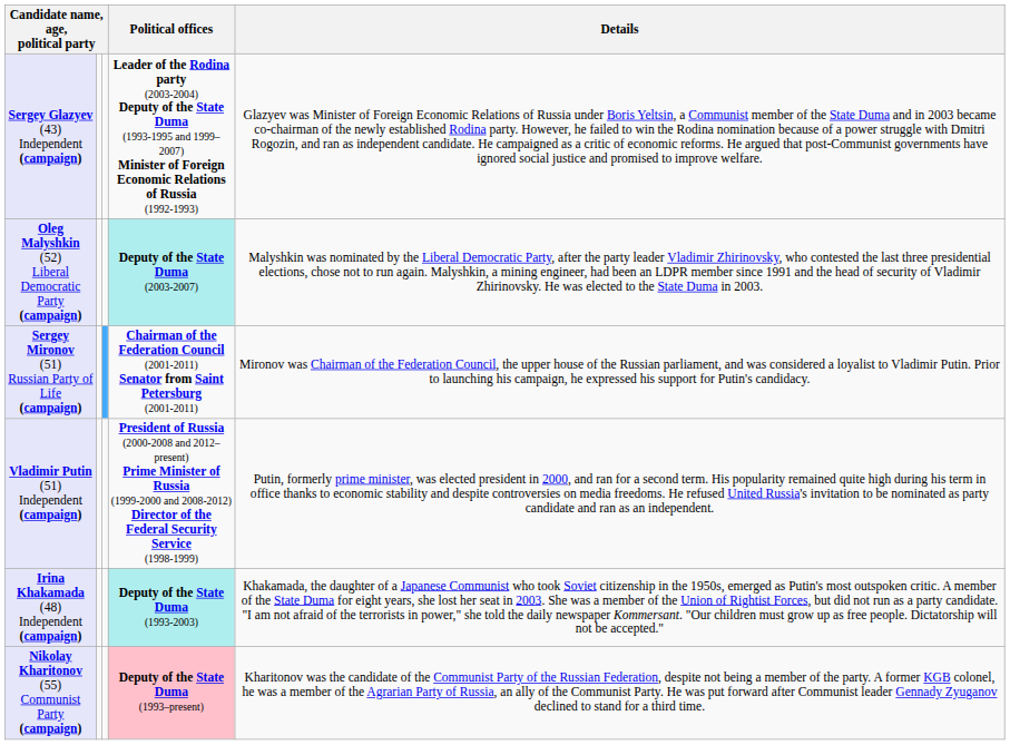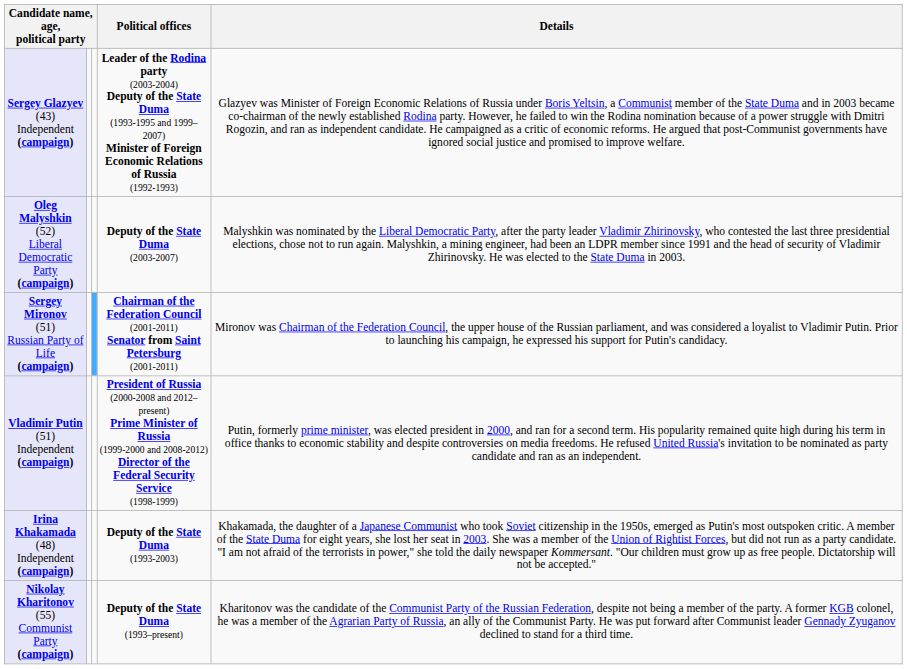 <table class="wikitable" style="text-align:center;">
 <tr>
 <th colspan="3">Candidate name, age,<br>political party</th>
 <th>Political offices</th>
 <th>Details</th>
 </tr>
 <tr>
 <td style="background:lavender;"><strong><a href='#'>Sergey Glazyev</a></strong><br>(43)<br>Independent<br><strong>(<a href='#'>campaign</a>)</strong></td>
 <td></td>
 <td style="background-color:"></td>
 <td><strong>Leader of the <a href='#'>Rodina</a> party</strong><br><small>(2003-2004)</small><br><strong>Deputy of the <a href='#'>State Duma</a></strong><br><small>(1993-1995 and 1999–2007)</small><br><strong>Minister of Foreign Economic Relations of Russia</strong><br><small>(1992-1993)</small></td>
 <td>Glazyev was Minister of Foreign Economic Relations of Russia under <a href='#'>Boris Yeltsin</a>, a <a href='#'>Communist</a> member of the <a href='#'>State Duma</a> and in 2003 became co-chairman of the newly established <a href='#'>Rodina</a> party. However, he failed to win the Rodina nomination because of a power struggle with Dmitri Rogozin, and ran as independent candidate. He campaigned as a critic of economic reforms. He argued that post-Communist governments have ignored social justice and promised to improve welfare.</td>
 </tr>
 <tr>
 <td style="background:lavender;"><strong><a href='#'>Oleg Malyshkin</a></strong><br>(52)<br><a href='#'>Liberal Democratic Party</a><br><strong>(<a href='#'>campaign</a>)</strong></td>
 <td></td>
 <td style="background-color:"></td>
-<td style="background: paleturquoise;"><strong>Deputy of the <a href='#'>State Duma</a></strong><br><small>(2003-2007)</small></td>
+<td><strong>Deputy of the <a href='#'>State Duma</a></strong><br><small>(2003-2007)</small></td>
 <td>Malyshkin was nominated by the <a href='#'>Liberal Democratic Party</a>, after the party leader <a href='#'>Vladimir Zhirinovsky</a>, who contested the last three presidential elections, chose not to run again. Malyshkin, a mining engineer, had been an LDPR member since 1991 and the head of security of Vladimir Zhirinovsky. He was elected to the <a href='#'>State Duma</a> in 2003.</td>
 </tr>
 <tr>
 <td style="background:lavender;"><strong><a href='#'>Sergey Mironov</a></strong><br>(51)<br><a href='#'>Russian Party of Life</a><br><strong>(<a href='#'>campaign</a>)</strong></td>
 <td></td>
 <td style="background-color:#42aaff;"></td>
 <td><strong><a href='#'>Chairman of the Federation Council</a></strong><br><small>(2001-2011)</small><br><strong><a href='#'>Senator</a> from <a href='#'>Saint Petersburg</a></strong><br><small>(2001-2011)</small></td>
 <td>Mironov was <a href='#'>Chairman of the Federation Council</a>, the upper house of the Russian parliament, and was considered a loyalist to Vladimir Putin. Prior to launching his campaign, he expressed his support for Putin's candidacy.</td>
 </tr>
 <tr>
 <td style="background:lavender;"><strong><a href='#'>Vladimir Putin</a></strong><br>(51)<br>Independent<br><strong>(<a href='#'>campaign</a>)</strong></td>
 <td></td>
 <td style="background-color:"></td>
 <td><strong><a href='#'>President of Russia</a></strong><br><small>(2000-2008 and 2012–present)</small><br><strong><a href='#'>Prime Minister of Russia</a></strong><br><small>(1999-2000 and 2008-2012)</small><br><strong><a href='#'>Director of the Federal Security Service</a></strong><br><small>(1998-1999)</small></td>
 <td>Putin, formerly <a href='#'>prime minister</a>, was elected president in <a href='#'>2000</a>, and ran for a second term. His popularity remained quite high during his term in office thanks to economic stability and despite controversies on media freedoms. He refused <a href='#'>United Russia</a>'s invitation to be nominated as party candidate and ran as an independent.</td>
 </tr>
 <tr>
 <td style="background:lavender;"><strong><a href='#'>Irina Khakamada</a></strong><br>(48)<br>Independent<br><strong>(<a href='#'>campaign</a>)</strong></td>
 <td></td>
 <td style="background-color:"></td>
-<td style="background: paleturquoise;"><strong>Deputy of the <a href='#'>State Duma</a></strong><br><small>(1993-2003)</small></td>
+<td><strong>Deputy of the <a href='#'>State Duma</a></strong><br><small>(1993-2003)</small></td>
 <td>Khakamada, the daughter of a <a href='#'>Japanese Communist</a> who took <a href='#'>Soviet</a> citizenship in the 1950s, emerged as Putin's most outspoken critic. A member of the <a href='#'>State Duma</a> for eight years, she lost her seat in <a href='#'>2003</a>. She was a member of the <a href='#'>Union of Rightist Forces</a>, but did not run as a party candidate. "I am not afraid of the terrorists in power," she told the daily newspaper <em>Kommersant</em>. "Our children must grow up as free people. Dictatorship will not be accepted."</td>
 </tr>
 <tr>
 <td style="background:lavender;"><strong><a href='#'>Nikolay Kharitonov</a></strong><br>(55)<br><a href='#'>Communist Party</a><br><strong>(<a href='#'>campaign</a>)</strong></td>
 <td></td>
 <td style="background-color:"></td>
-<td style="background: pink;"><strong>Deputy of the <a href='#'>State Duma</a></strong><br><small>(1993–present)</small></td>
+<td><strong>Deputy of the <a href='#'>State Duma</a></strong><br><small>(1993–present)</small></td>
 <td>Kharitonov was the candidate of the <a href='#'>Communist Party of the Russian Federation</a>, despite not being a member of the party. A former <a href='#'>KGB</a> colonel, he was a member of the <a href='#'>Agrarian Party of Russia</a>, an ally of the Communist Party. He was put forward after Communist leader <a href='#'>Gennady Zyuganov</a> declined to stand for a third time.</td>
 </tr>
 </table>
